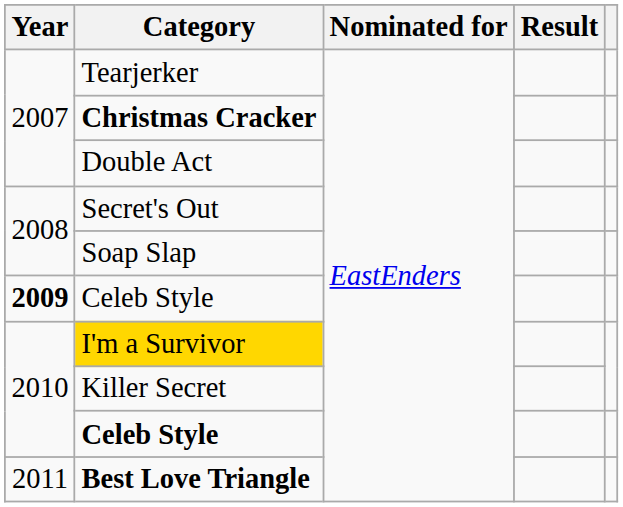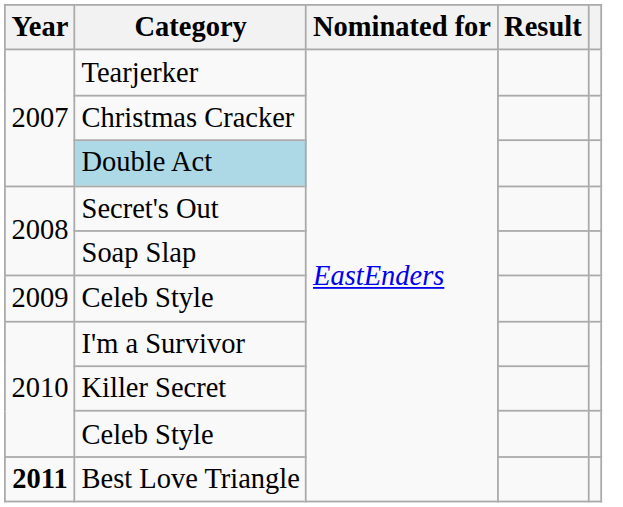 <table class="wikitable plainrowheaders">
 <tr>
 <th scope="col">Year</th>
 <th scope="col">Category</th>
 <th scope="col">Nominated for</th>
 <th scope="col">Result</th>
 <th scope="col"></th>
 </tr>
 <tr>
 <td align="center" rowspan="3">2007</td>
 <td>Tearjerker</td>
 <td rowspan="10"><em><a href='#'>EastEnders</a></em></td>
 <td></td>
 <td align="center"></td>
 </tr>
 <tr>
-<td><strong>Christmas Cracker </strong></td>
+<td>Christmas Cracker </td>
 <td></td>
 <td align="center"></td>
 </tr>
 <tr>
-<td>Double Act </td>
+<td style="background: lightblue;">Double Act </td>
 <td></td>
 <td align="center"></td>
 </tr>
 <tr>
 <td align="center" rowspan="2">2008</td>
 <td>Secret's Out </td>
 <td></td>
 <td align="center"></td>
 </tr>
 <tr>
 <td>Soap Slap </td>
 <td></td>
 <td align="center"></td>
 </tr>
 <tr>
-<td align="center"><strong>2009</strong></td>
+<td align="center">2009</td>
 <td>Celeb Style</td>
 <td></td>
 <td align="center"></td>
 </tr>
 <tr>
 <td align="center" rowspan="3">2010</td>
-<td style="background: gold;">I'm a Survivor</td>
+<td>I'm a Survivor</td>
 <td></td>
 <td rowspan = "2" align="center"></td>
 </tr>
 <tr>
 <td>Killer Secret</td>
 <td></td>
 </tr>
 <tr>
-<td><strong>Celeb Style</strong></td>
+<td>Celeb Style</td>
 <td></td>
 <td align="center"></td>
 </tr>
 <tr>
-<td align="center">2011</td>
-<td><strong>Best Love Triangle </strong></td>
+<td align="center"><strong>2011</strong></td>
+<td>Best Love Triangle </td>
 <td></td>
 <td align="center"></td>
 </tr>
 </table>
